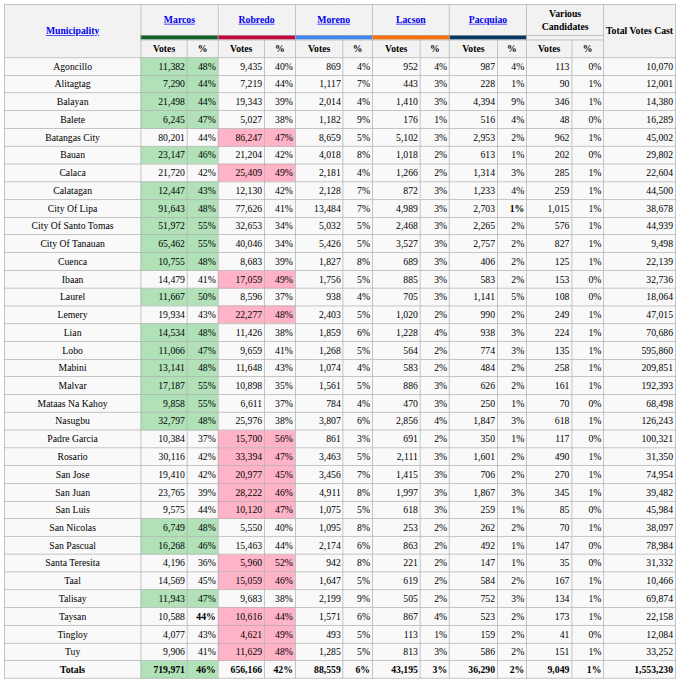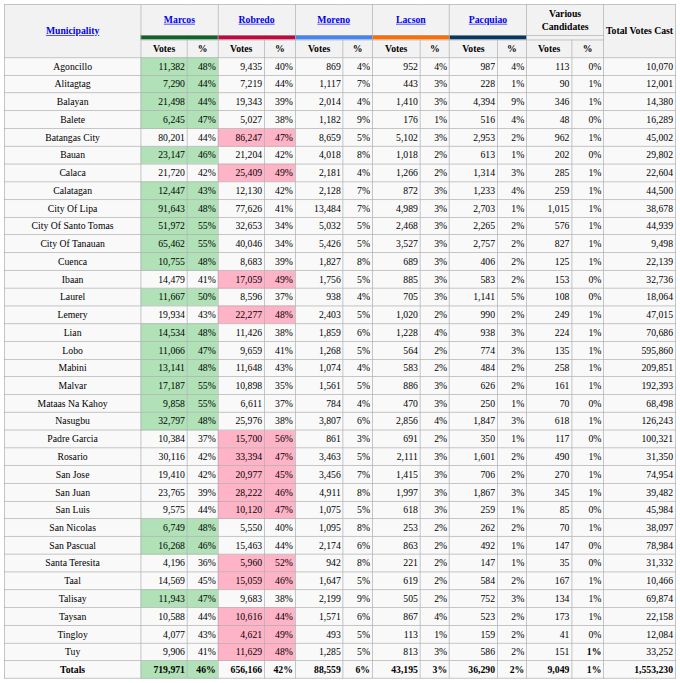 <table class="wikitable sortable" style="text-align:right; font-size:92%; line-height:20px;">
 <tr>
 <th rowspan="3" width="200"><a href='#'>Municipality</a></th>
 <th colspan="2" width="110"><a href='#'>Marcos</a></th>
 <th colspan="2" width="110"><a href='#'>Robredo</a></th>
 <th colspan="2" width="110"><a href='#'>Moreno</a></th>
 <th colspan="2" width="110"><a href='#'>Lacson</a></th>
 <th colspan="2" width="110"><a href='#'>Pacquiao</a></th>
 <th colspan="2" width="110">Various Candidates</th>
 <th rowspan="3">Total Votes Cast</th>
 </tr>
 <tr>
 <th colspan="2" style="background:#0f6326;"></th>
 <th colspan="2" style="background:#c3073e;"></th>
 <th colspan="2" style="background:#4285f4;"></th>
 <th colspan="2" style="background:#ff6d01;"></th>
 <th colspan="2" style="background:#073763;"></th>
 <th colspan="2"></th>
 </tr>
 <tr>
 <th>Votes</th>
 <th>%</th>
 <th>Votes</th>
 <th>%</th>
 <th>Votes</th>
 <th>%</th>
 <th>Votes</th>
 <th>%</th>
 <th>Votes</th>
 <th>%</th>
 <th>Votes</th>
 <th>%</th>
 </tr>
 <tr>
 <td style="text-align:center;">Agoncillo</td>
 <td style="background:#B0E1B7;">11,382</td>
 <td style="background:#B0E1B7;">48%</td>
 <td>9,435</td>
 <td>40%</td>
 <td>869</td>
 <td>4%</td>
 <td>952</td>
 <td>4%</td>
 <td>987</td>
 <td>4%</td>
 <td>113</td>
 <td>0%</td>
 <td>10,070</td>
 </tr>
 <tr>
 <td style="text-align:center;">Alitagtag</td>
 <td style="background:#B0E1B7;">7,290</td>
 <td style="background:#B0E1B7;">44%</td>
 <td>7,219</td>
 <td>44%</td>
 <td>1,117</td>
 <td>7%</td>
 <td>443</td>
 <td>3%</td>
 <td>228</td>
 <td>1%</td>
 <td>90</td>
 <td>1%</td>
 <td>12,001</td>
 </tr>
 <tr>
 <td style="text-align:center;">Balayan</td>
 <td style="background:#B0E1B7;">21,498</td>
 <td style="background:#B0E1B7;">44%</td>
 <td>19,343</td>
 <td>39%</td>
 <td>2,014</td>
 <td>4%</td>
 <td>1,410</td>
 <td>3%</td>
 <td>4,394</td>
 <td>9%</td>
 <td>346</td>
 <td>1%</td>
 <td>14,380</td>
 </tr>
 <tr>
 <td style="text-align:center;">Balete</td>
 <td style="background:#B0E1B7;">6,245</td>
 <td style="background:#B0E1B7;">47%</td>
 <td>5,027</td>
 <td>38%</td>
 <td>1,182</td>
 <td>9%</td>
 <td>176</td>
 <td>1%</td>
 <td>516</td>
 <td>4%</td>
 <td>48</td>
 <td>0%</td>
 <td>16,289</td>
 </tr>
 <tr>
 <td style="text-align:center;">Batangas City</td>
 <td>80,201</td>
 <td>44%</td>
 <td style="background:#FFB3C7;">86,247</td>
 <td style="background:#FFB3C7;">47%</td>
 <td>8,659</td>
 <td>5%</td>
 <td>5,102</td>
 <td>3%</td>
 <td>2,953</td>
 <td>2%</td>
 <td>962</td>
 <td>1%</td>
 <td>45,002</td>
 </tr>
 <tr>
 <td style="text-align:center;">Bauan</td>
 <td style="background:#B0E1B7;">23,147</td>
 <td style="background:#B0E1B7;">46%</td>
 <td>21,204</td>
 <td>42%</td>
 <td>4,018</td>
 <td>8%</td>
 <td>1,018</td>
 <td>2%</td>
 <td>613</td>
 <td>1%</td>
 <td>202</td>
 <td>0%</td>
 <td>29,802</td>
 </tr>
 <tr>
 <td style="text-align:center;">Calaca</td>
 <td>21,720</td>
 <td>42%</td>
 <td style="background:#FFB3C7;">25,409</td>
 <td style="background:#FFB3C7;">49%</td>
 <td>2,181</td>
 <td>4%</td>
 <td>1,266</td>
 <td>2%</td>
 <td>1,314</td>
 <td>3%</td>
 <td>285</td>
 <td>1%</td>
 <td>22,604</td>
 </tr>
 <tr>
 <td style="text-align:center;">Calatagan</td>
 <td style="background:#B0E1B7;">12,447</td>
 <td style="background:#B0E1B7;">43%</td>
 <td>12,130</td>
 <td>42%</td>
 <td>2,128</td>
 <td>7%</td>
 <td>872</td>
 <td>3%</td>
 <td>1,233</td>
 <td>4%</td>
 <td>259</td>
 <td>1%</td>
 <td>44,500</td>
 </tr>
 <tr>
 <td style="text-align:center;">City Of Lipa</td>
 <td style="background:#B0E1B7;">91,643</td>
 <td style="background:#B0E1B7;">48%</td>
 <td>77,626</td>
 <td>41%</td>
 <td>13,484</td>
 <td>7%</td>
 <td>4,989</td>
 <td>3%</td>
 <td>2,703</td>
-<td><strong>1%</strong></td>
+<td>1%</td>
 <td>1,015</td>
 <td>1%</td>
 <td>38,678</td>
 </tr>
 <tr>
 <td style="text-align:center;">City Of Santo  Tomas</td>
 <td style="background:#B0E1B7;">51,972</td>
 <td style="background:#B0E1B7;">55%</td>
 <td>32,653</td>
 <td>34%</td>
 <td>5,032</td>
 <td>5%</td>
 <td>2,468</td>
 <td>3%</td>
 <td>2,265</td>
 <td>2%</td>
 <td>576</td>
 <td>1%</td>
 <td>44,939</td>
 </tr>
 <tr>
 <td style="text-align:center;">City Of  Tanauan</td>
 <td style="background:#B0E1B7;">65,462</td>
 <td style="background:#B0E1B7;">55%</td>
 <td>40,046</td>
 <td>34%</td>
 <td>5,426</td>
 <td>5%</td>
 <td>3,527</td>
 <td>3%</td>
 <td>2,757</td>
 <td>2%</td>
 <td>827</td>
 <td>1%</td>
 <td>9,498</td>
 </tr>
 <tr>
 <td style="text-align:center;">Cuenca</td>
 <td style="background:#B0E1B7;">10,755</td>
 <td style="background:#B0E1B7;">48%</td>
 <td>8,683</td>
 <td>39%</td>
 <td>1,827</td>
 <td>8%</td>
 <td>689</td>
 <td>3%</td>
 <td>406</td>
 <td>2%</td>
 <td>125</td>
 <td>1%</td>
 <td>22,139</td>
 </tr>
 <tr>
 <td style="text-align:center;">Ibaan</td>
 <td>14,479</td>
 <td>41%</td>
 <td style="background:#FFB3C7;">17,059</td>
 <td style="background:#FFB3C7;">49%</td>
 <td>1,756</td>
 <td>5%</td>
 <td>885</td>
 <td>3%</td>
 <td>583</td>
 <td>2%</td>
 <td>153</td>
 <td>0%</td>
 <td>32,736</td>
 </tr>
 <tr>
 <td style="text-align:center;">Laurel</td>
 <td style="background:#B0E1B7;">11,667</td>
 <td style="background:#B0E1B7;">50%</td>
 <td>8,596</td>
 <td>37%</td>
 <td>938</td>
 <td>4%</td>
 <td>705</td>
 <td>3%</td>
 <td>1,141</td>
 <td>5%</td>
 <td>108</td>
 <td>0%</td>
 <td>18,064</td>
 </tr>
 <tr>
 <td style="text-align:center;">Lemery</td>
 <td>19,934</td>
 <td>43%</td>
 <td style="background:#FFB3C7;">22,277</td>
 <td style="background:#FFB3C7;">48%</td>
 <td>2,403</td>
 <td>5%</td>
 <td>1,020</td>
 <td>2%</td>
 <td>990</td>
 <td>2%</td>
 <td>249</td>
 <td>1%</td>
 <td>47,015</td>
 </tr>
 <tr>
 <td style="text-align:center;">Lian</td>
 <td style="background:#B0E1B7;">14,534</td>
 <td style="background:#B0E1B7;">48%</td>
 <td>11,426</td>
 <td>38%</td>
 <td>1,859</td>
 <td>6%</td>
 <td>1,228</td>
 <td>4%</td>
 <td>938</td>
 <td>3%</td>
 <td>224</td>
 <td>1%</td>
 <td>70,686</td>
 </tr>
 <tr>
 <td style="text-align:center;">Lobo</td>
 <td style="background:#B0E1B7;">11,066</td>
 <td style="background:#B0E1B7;">47%</td>
 <td>9,659</td>
 <td>41%</td>
 <td>1,268</td>
 <td>5%</td>
 <td>564</td>
 <td>2%</td>
 <td>774</td>
 <td>3%</td>
 <td>135</td>
 <td>1%</td>
 <td>595,860</td>
 </tr>
 <tr>
 <td style="text-align:center;">Mabini</td>
 <td style="background:#B0E1B7;">13,141</td>
 <td style="background:#B0E1B7;">48%</td>
 <td>11,648</td>
 <td>43%</td>
 <td>1,074</td>
 <td>4%</td>
 <td>583</td>
 <td>2%</td>
 <td>484</td>
 <td>2%</td>
 <td>258</td>
 <td>1%</td>
 <td>209,851</td>
 </tr>
 <tr>
 <td style="text-align:center;">Malvar</td>
 <td style="background:#B0E1B7;">17,187</td>
 <td style="background:#B0E1B7;">55%</td>
 <td>10,898</td>
 <td>35%</td>
 <td>1,561</td>
 <td>5%</td>
 <td>886</td>
 <td>3%</td>
 <td>626</td>
 <td>2%</td>
 <td>161</td>
 <td>1%</td>
 <td>192,393</td>
 </tr>
 <tr>
 <td style="text-align:center;">Mataas Na  Kahoy</td>
 <td style="background:#B0E1B7;">9,858</td>
 <td style="background:#B0E1B7;">55%</td>
 <td>6,611</td>
 <td>37%</td>
 <td>784</td>
 <td>4%</td>
 <td>470</td>
 <td>3%</td>
 <td>250</td>
 <td>1%</td>
 <td>70</td>
 <td>0%</td>
 <td>68,498</td>
 </tr>
 <tr>
 <td style="text-align:center;">Nasugbu</td>
 <td style="background:#B0E1B7;">32,797</td>
 <td style="background:#B0E1B7;">48%</td>
 <td>25,976</td>
 <td>38%</td>
 <td>3,807</td>
 <td>6%</td>
 <td>2,856</td>
 <td>4%</td>
 <td>1,847</td>
 <td>3%</td>
 <td>618</td>
 <td>1%</td>
 <td>126,243</td>
 </tr>
 <tr>
 <td style="text-align:center;">Padre Garcia</td>
 <td>10,384</td>
 <td>37%</td>
 <td style="background:#FFB3C7;">15,700</td>
 <td style="background:#FFB3C7;">56%</td>
 <td>861</td>
 <td>3%</td>
 <td>691</td>
 <td>2%</td>
 <td>350</td>
 <td>1%</td>
 <td>117</td>
 <td>0%</td>
 <td>100,321</td>
 </tr>
 <tr>
 <td style="text-align:center;">Rosario</td>
 <td>30,116</td>
 <td>42%</td>
 <td style="background:#FFB3C7;">33,394</td>
 <td style="background:#FFB3C7;">47%</td>
 <td>3,463</td>
 <td>5%</td>
 <td>2,111</td>
 <td>3%</td>
 <td>1,601</td>
 <td>2%</td>
 <td>490</td>
 <td>1%</td>
 <td>31,350</td>
 </tr>
 <tr>
 <td style="text-align:center;">San Jose</td>
 <td>19,410</td>
 <td>42%</td>
 <td style="background:#FFB3C7;">20,977</td>
 <td style="background:#FFB3C7;">45%</td>
 <td>3,456</td>
 <td>7%</td>
 <td>1,415</td>
 <td>3%</td>
 <td>706</td>
 <td>2%</td>
 <td>270</td>
 <td>1%</td>
 <td>74,954</td>
 </tr>
 <tr>
 <td style="text-align:center;">San Juan</td>
 <td>23,765</td>
 <td>39%</td>
 <td style="background:#FFB3C7;">28,222</td>
 <td style="background:#FFB3C7;">46%</td>
 <td>4,911</td>
 <td>8%</td>
 <td>1,997</td>
 <td>3%</td>
 <td>1,867</td>
 <td>3%</td>
 <td>345</td>
 <td>1%</td>
 <td>39,482</td>
 </tr>
 <tr>
 <td style="text-align:center;">San Luis</td>
 <td>9,575</td>
 <td>44%</td>
 <td style="background:#FFB3C7;">10,120</td>
 <td style="background:#FFB3C7;">47%</td>
 <td>1,075</td>
 <td>5%</td>
 <td>618</td>
 <td>3%</td>
 <td>259</td>
 <td>1%</td>
 <td>85</td>
 <td>0%</td>
 <td>45,984</td>
 </tr>
 <tr>
 <td style="text-align:center;">San Nicolas</td>
 <td style="background:#B0E1B7;">6,749</td>
 <td style="background:#B0E1B7;">48%</td>
 <td>5,550</td>
 <td>40%</td>
 <td>1,095</td>
 <td>8%</td>
 <td>253</td>
 <td>2%</td>
 <td>262</td>
 <td>2%</td>
 <td>70</td>
 <td>1%</td>
 <td>38,097</td>
 </tr>
 <tr>
 <td style="text-align:center;">San Pascual</td>
 <td style="background:#B0E1B7;">16,268</td>
 <td style="background:#B0E1B7;">46%</td>
 <td>15,463</td>
 <td>44%</td>
 <td>2,174</td>
 <td>6%</td>
 <td>863</td>
 <td>2%</td>
 <td>492</td>
 <td>1%</td>
 <td>147</td>
 <td>0%</td>
 <td>78,984</td>
 </tr>
 <tr>
 <td style="text-align:center;">Santa Teresita</td>
 <td>4,196</td>
 <td>36%</td>
 <td style="background:#FFB3C7;">5,960</td>
 <td style="background:#FFB3C7;">52%</td>
 <td>942</td>
 <td>8%</td>
 <td>221</td>
 <td>2%</td>
 <td>147</td>
 <td>1%</td>
 <td>35</td>
 <td>0%</td>
 <td>31,332</td>
 </tr>
 <tr>
 <td style="text-align:center;">Taal</td>
 <td>14,569</td>
 <td>45%</td>
 <td style="background:#FFB3C7;">15,059</td>
 <td style="background:#FFB3C7;">46%</td>
 <td>1,647</td>
 <td>5%</td>
 <td>619</td>
 <td>2%</td>
 <td>584</td>
 <td>2%</td>
 <td>167</td>
 <td>1%</td>
 <td>10,466</td>
 </tr>
 <tr>
 <td style="text-align:center;">Talisay</td>
 <td style="background:#B0E1B7;">11,943</td>
 <td style="background:#B0E1B7;">47%</td>
 <td>9,683</td>
 <td>38%</td>
 <td>2,199</td>
 <td>9%</td>
 <td>505</td>
 <td>2%</td>
 <td>752</td>
 <td>3%</td>
 <td>134</td>
 <td>1%</td>
 <td>69,874</td>
 </tr>
 <tr>
 <td style="text-align:center;">Taysan</td>
 <td>10,588</td>
-<td><strong>44%</strong></td>
+<td>44%</td>
 <td style="background:#FFB3C7;">10,616</td>
 <td style="background:#FFB3C7;">44%</td>
 <td>1,571</td>
 <td>6%</td>
 <td>867</td>
 <td>4%</td>
 <td>523</td>
 <td>2%</td>
 <td>173</td>
 <td>1%</td>
 <td>22,158</td>
 </tr>
 <tr>
 <td style="text-align:center;">Tingloy</td>
 <td>4,077</td>
 <td>43%</td>
 <td style="background:#FFB3C7;">4,621</td>
 <td style="background:#FFB3C7;">49%</td>
 <td>493</td>
 <td>5%</td>
 <td>113</td>
 <td>1%</td>
 <td>159</td>
 <td>2%</td>
 <td>41</td>
 <td>0%</td>
 <td>12,084</td>
 </tr>
 <tr>
 <td style="text-align:center;">Tuy</td>
 <td>9,906</td>
 <td>41%</td>
 <td style="background:#FFB3C7;">11,629</td>
 <td style="background:#FFB3C7;">48%</td>
 <td>1,285</td>
 <td>5%</td>
 <td>813</td>
 <td>3%</td>
 <td>586</td>
 <td>2%</td>
 <td>151</td>
-<td>1%</td>
+<td><strong>1%</strong></td>
 <td>33,252</td>
 </tr>
 <tr>
 <td style="text-align:center;"><strong>Totals</strong></td>
 <td style="background:#B0E1B7;"><strong>719,971</strong></td>
 <td style="background:#B0E1B7;"><strong>46%</strong></td>
 <td><strong>656,166</strong></td>
 <td><strong>42%</strong></td>
 <td><strong>88,559</strong></td>
 <td><strong>6%</strong></td>
 <td><strong>43,195</strong></td>
 <td><strong>3%</strong></td>
 <td><strong>36,290</strong></td>
 <td><strong>2%</strong></td>
 <td><strong>9,049</strong></td>
 <td><strong>1%</strong></td>
 <td><strong>1,553,230</strong></td>
 </tr>
 </table>
